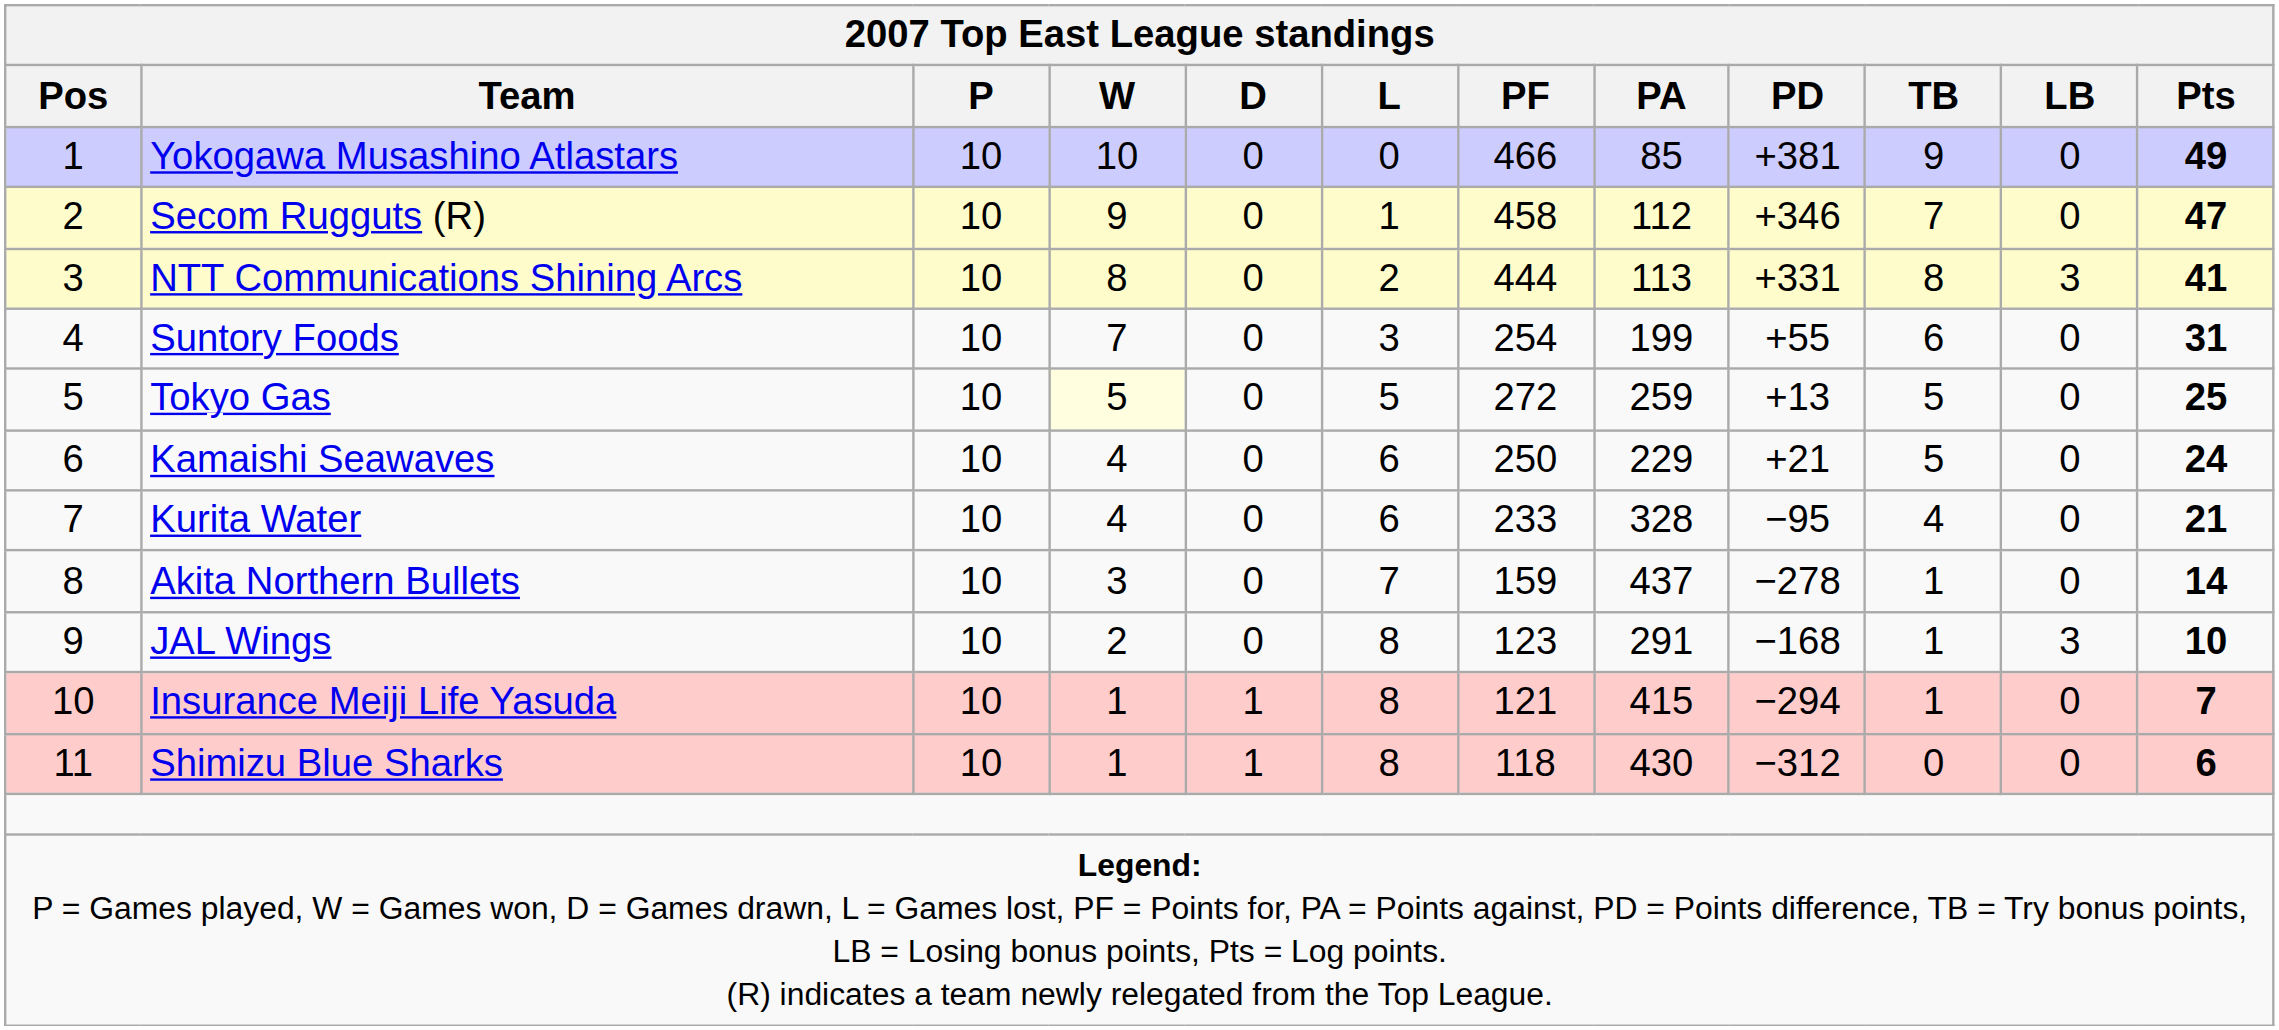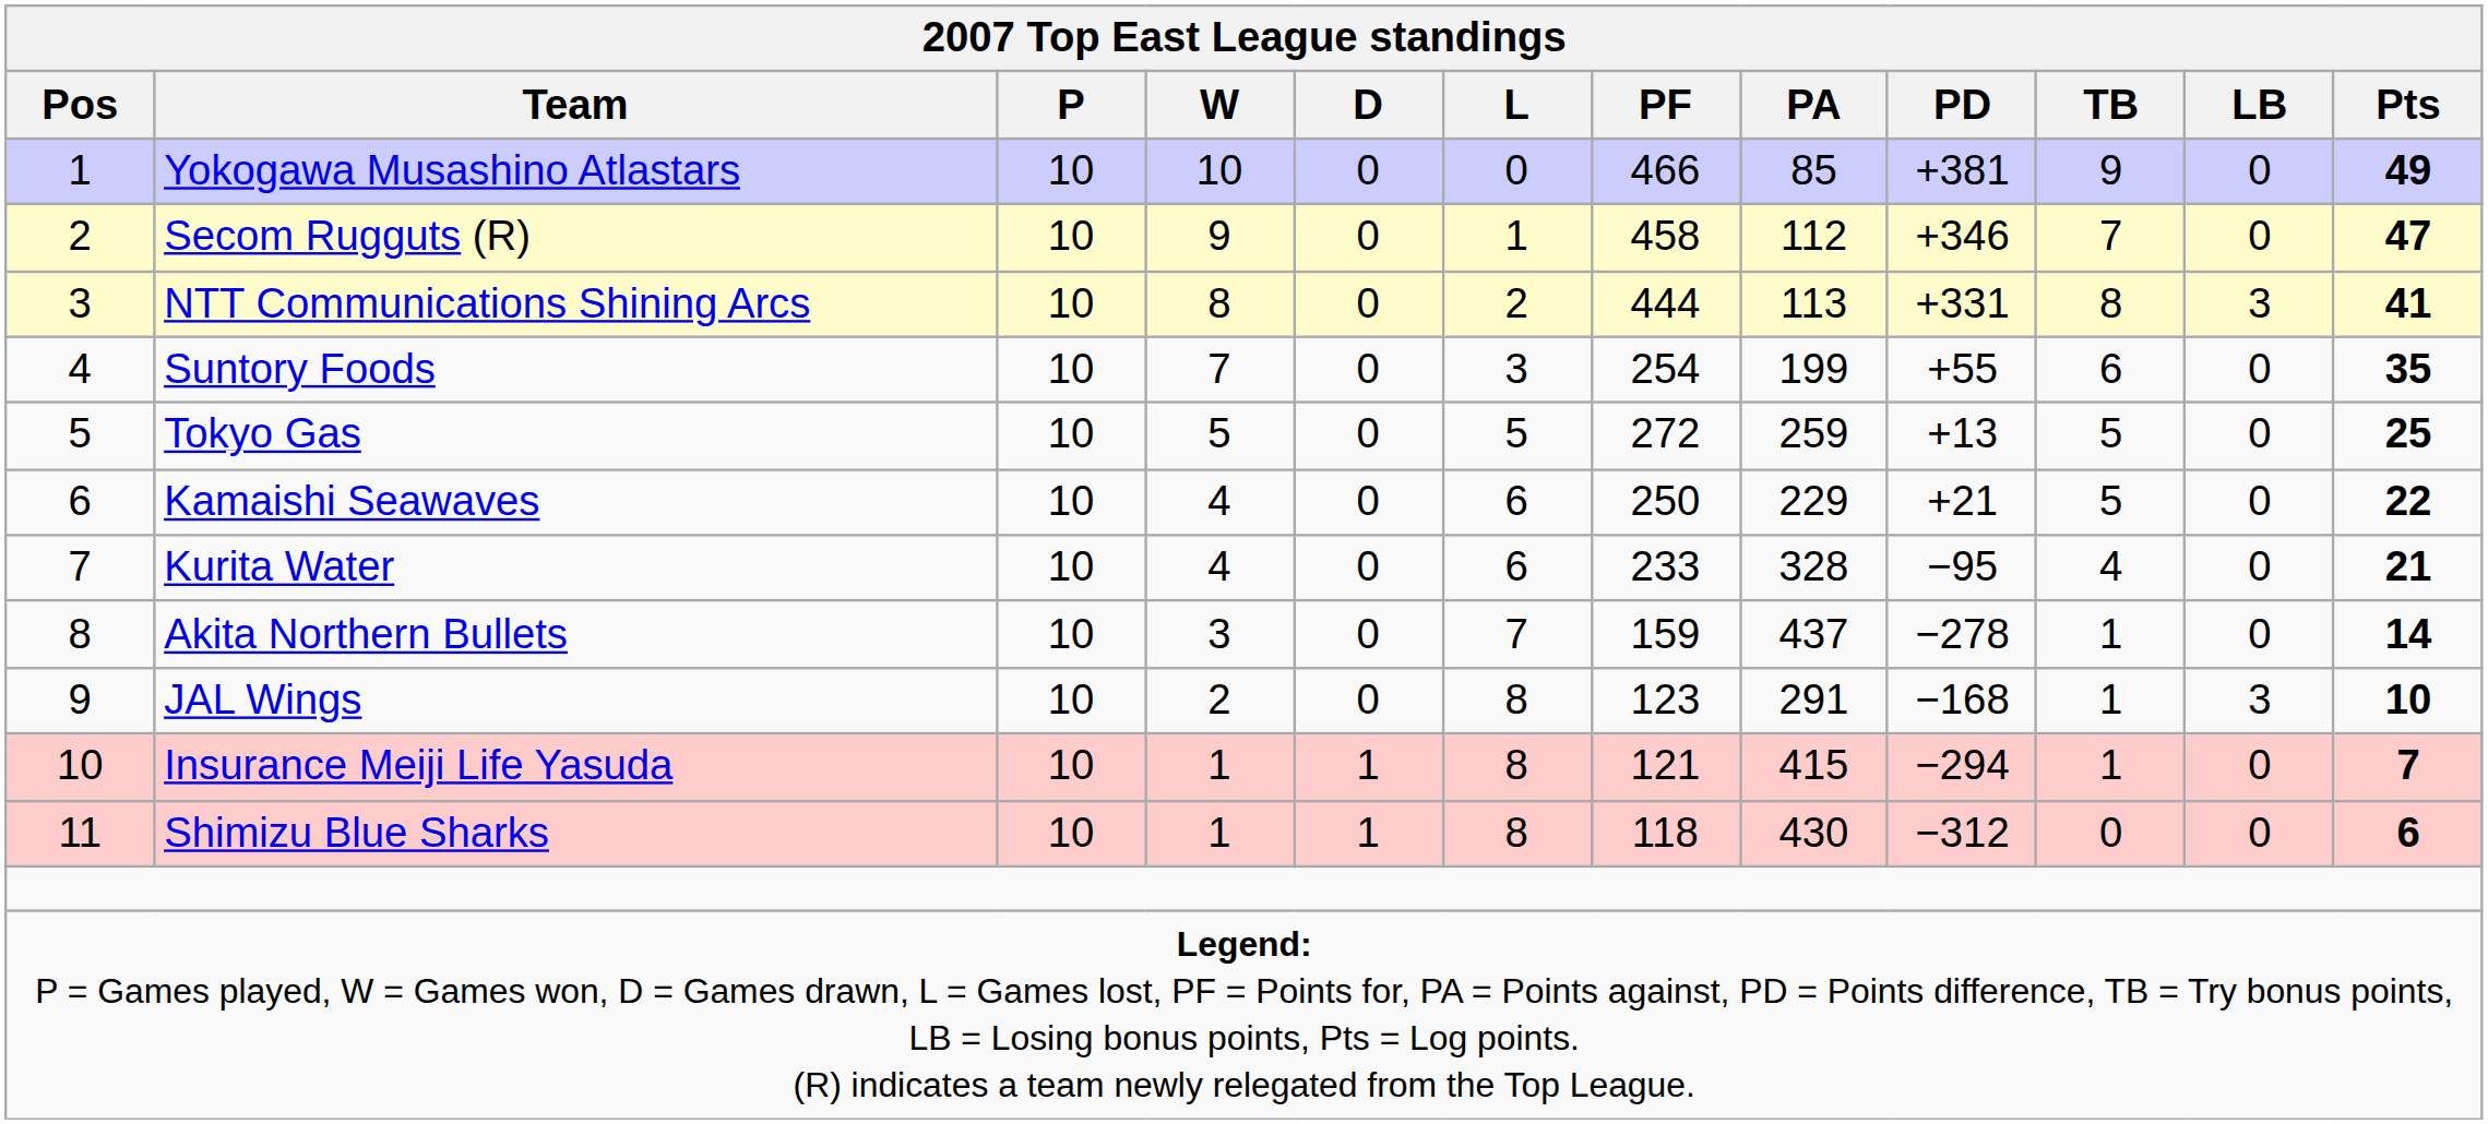 <table class="wikitable" style="text-align:center; font-size:100%; width:60%;">
 <tr>
 <th colspan="100%" cellpadding="0" cellspacing="0"><strong>2007 Top East League standings</strong></th>
 </tr>
 <tr>
 <th style="width:6%;">Pos</th>
 <th style="width:34%;">Team</th>
 <th style="width:6%;">P</th>
 <th style="width:6%;">W</th>
 <th style="width:6%;">D</th>
 <th style="width:6%;">L</th>
 <th style="width:6%;">PF</th>
 <th style="width:6%;">PA</th>
 <th style="width:6%;">PD</th>
 <th style="width:6%;">TB</th>
 <th style="width:6%;">LB</th>
 <th style="width:6%;">Pts<br></th>
 </tr>
 <tr style="background:#CCCCFF;">
 <td>1</td>
 <td style="text-align:left;"><a href='#'>Yokogawa Musashino Atlastars</a></td>
 <td>10</td>
 <td>10</td>
 <td>0</td>
 <td>0</td>
 <td>466</td>
 <td>85</td>
 <td>+381</td>
 <td>9</td>
 <td>0</td>
 <td><strong>49</strong></td>
 </tr>
 <tr style="background:#FFFCCC;">
 <td>2</td>
 <td style="text-align:left;"><a href='#'>Secom Rugguts</a> (R)</td>
 <td>10</td>
 <td>9</td>
 <td>0</td>
 <td>1</td>
 <td>458</td>
 <td>112</td>
 <td>+346</td>
 <td>7</td>
 <td>0</td>
 <td><strong>47</strong></td>
 </tr>
 <tr style="background:#FFFCCC;">
 <td>3</td>
 <td style="text-align:left;"><a href='#'>NTT Communications Shining Arcs</a></td>
 <td>10</td>
 <td>8</td>
 <td>0</td>
 <td>2</td>
 <td>444</td>
 <td>113</td>
 <td>+331</td>
 <td>8</td>
 <td>3</td>
 <td><strong>41</strong></td>
 </tr>
 <tr>
 <td>4</td>
 <td style="text-align:left;"><a href='#'>Suntory Foods</a></td>
 <td>10</td>
 <td>7</td>
 <td>0</td>
 <td>3</td>
 <td>254</td>
 <td>199</td>
 <td>+55</td>
 <td>6</td>
 <td>0</td>
-<td><strong>31</strong></td>
+<td><strong>35</strong></td>
 </tr>
 <tr>
 <td>5</td>
 <td style="text-align:left;"><a href='#'>Tokyo Gas</a></td>
 <td>10</td>
-<td style="background: lightyellow;">5</td>
+<td>5</td>
 <td>0</td>
 <td>5</td>
 <td>272</td>
 <td>259</td>
 <td>+13</td>
 <td>5</td>
 <td>0</td>
 <td><strong>25</strong></td>
 </tr>
 <tr>
 <td>6</td>
 <td style="text-align:left;"><a href='#'>Kamaishi Seawaves</a></td>
 <td>10</td>
 <td>4</td>
 <td>0</td>
 <td>6</td>
 <td>250</td>
 <td>229</td>
 <td>+21</td>
 <td>5</td>
 <td>0</td>
-<td><strong>24</strong></td>
+<td><strong>22</strong></td>
 </tr>
 <tr>
 <td>7</td>
 <td style="text-align:left;"><a href='#'>Kurita Water</a></td>
 <td>10</td>
 <td>4</td>
 <td>0</td>
 <td>6</td>
 <td>233</td>
 <td>328</td>
 <td>−95</td>
 <td>4</td>
 <td>0</td>
 <td><strong>21</strong></td>
 </tr>
 <tr>
 <td>8</td>
 <td style="text-align:left;"><a href='#'>Akita Northern Bullets</a></td>
 <td>10</td>
 <td>3</td>
 <td>0</td>
 <td>7</td>
 <td>159</td>
 <td>437</td>
 <td>−278</td>
 <td>1</td>
 <td>0</td>
 <td><strong>14</strong></td>
 </tr>
 <tr>
 <td>9</td>
 <td style="text-align:left;"><a href='#'>JAL Wings</a></td>
 <td>10</td>
 <td>2</td>
 <td>0</td>
 <td>8</td>
 <td>123</td>
 <td>291</td>
 <td>−168</td>
 <td>1</td>
 <td>3</td>
 <td><strong>10</strong></td>
 </tr>
 <tr style="background:#FFCCCC;">
 <td>10</td>
 <td style="text-align:left;"><a href='#'>Insurance Meiji Life Yasuda</a></td>
 <td>10</td>
 <td>1</td>
 <td>1</td>
 <td>8</td>
 <td>121</td>
 <td>415</td>
 <td>−294</td>
 <td>1</td>
 <td>0</td>
 <td><strong>7</strong></td>
 </tr>
 <tr style="background:#FFCCCC;">
 <td>11</td>
 <td style="text-align:left;"><a href='#'>Shimizu Blue Sharks</a></td>
 <td>10</td>
 <td>1</td>
 <td>1</td>
 <td>8</td>
 <td>118</td>
 <td>430</td>
 <td>−312</td>
 <td>0</td>
 <td>0</td>
 <td><strong>6</strong></td>
 </tr>
 <tr>
 <td colspan="100%" style="height:10px;"></td>
 </tr>
 <tr>
 <td colspan="100%"><small><strong>Legend:</strong> <br> P = Games played, W = Games won, D = Games drawn, L = Games lost, PF = Points for, PA = Points against, PD = Points difference, TB = Try bonus points, LB = Losing bonus points, Pts = Log points. <br> (R) indicates a team newly relegated from the Top League.</small></td>
 </tr>
 </table>
